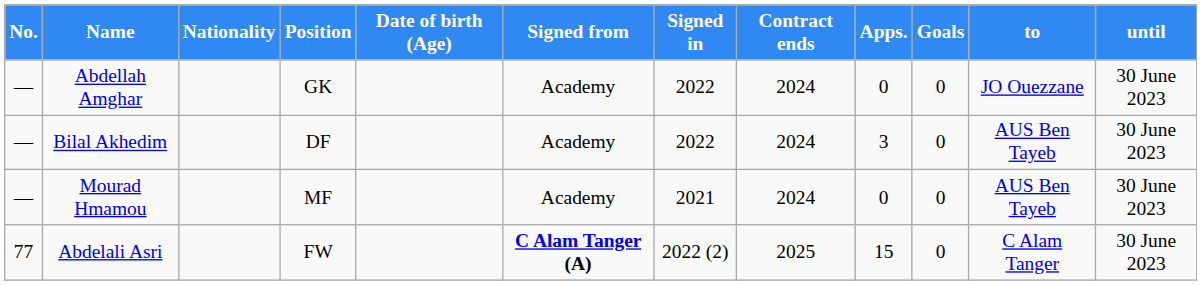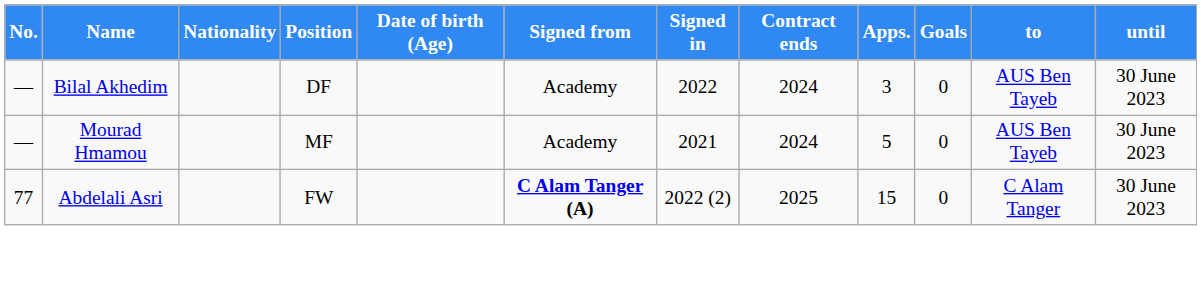 <table class="wikitable sortable"  style="text-align:center; font-size:90%; width:100%;">
 <tr>
 <th style="background:#3088f2; color:#ffffff; ">No.</th>
 <th style="background:#3088f2; color:#ffffff; ">Name</th>
 <th style="background:#3088f2; color:#ffffff; ">Nationality</th>
 <th style="background:#3088f2; color:#ffffff; ">Position</th>
 <th style="background:#3088f2; color:#ffffff; ">Date of birth (Age)</th>
 <th style="background:#3088f2; color:#ffffff; ">Signed from</th>
 <th style="background:#3088f2; color:#ffffff; ">Signed in</th>
 <th style="background:#3088f2; color:#ffffff; ">Contract ends</th>
 <th style="background:#3088f2; color:#ffffff; ">Apps.</th>
 <th style="background:#3088f2; color:#ffffff; ">Goals</th>
 <th style="background:#3088f2; color:#ffffff; ">to</th>
 <th style="background:#3088f2; color:#ffffff; ">until</th>
-</tr>
-<tr>
-<td>—</td>
-<td><a href='#'>Abdellah Amghar</a></td>
-<td></td>
-<td>GK</td>
-<td></td>
-<td>Academy</td>
-<td>2022</td>
-<td>2024</td>
-<td>0</td>
-<td>0</td>
-<td><a href='#'>JO Ouezzane</a></td>
-<td>30 June 2023</td>
 </tr>
 <tr>
 <td>—</td>
 <td><a href='#'>Bilal Akhedim</a></td>
 <td></td>
 <td>DF</td>
 <td></td>
 <td>Academy</td>
 <td>2022</td>
 <td>2024</td>
 <td>3</td>
 <td>0</td>
 <td><a href='#'>AUS Ben Tayeb</a></td>
 <td>30 June 2023</td>
 </tr>
 <tr>
 <td>—</td>
 <td><a href='#'>Mourad Hmamou</a></td>
 <td></td>
 <td>MF</td>
 <td></td>
 <td>Academy</td>
 <td>2021</td>
 <td>2024</td>
-<td>0</td>
+<td>5</td>
 <td>0</td>
 <td><a href='#'>AUS Ben Tayeb</a></td>
 <td>30 June 2023</td>
 </tr>
 <tr>
 <td>77</td>
 <td><a href='#'>Abdelali Asri</a></td>
 <td></td>
 <td>FW</td>
 <td></td>
 <td><strong><a href='#'>C Alam Tanger</a> (A)</strong></td>
 <td>2022 (2)</td>
 <td>2025</td>
 <td>15</td>
 <td>0</td>
 <td><a href='#'>C Alam Tanger</a></td>
 <td>30 June 2023</td>
 </tr>
 </table>
